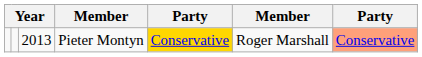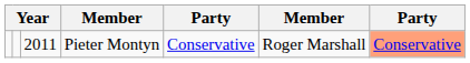 <table class="wikitable">
 <tr>
 <th colspan="3">Year</th>
 <th>Member</th>
 <th>Party</th>
 <th>Member</th>
 <th>Party</th>
 </tr>
 <tr>
 <td style="background-color: "></td>
 <td style="background-color: "></td>
-<td>2013</td>
+<td>2011</td>
 <td>Pieter Montyn</td>
-<td style="background: gold;"><a href='#'>Conservative</a></td>
+<td><a href='#'>Conservative</a></td>
 <td>Roger Marshall</td>
 <td style="background: lightsalmon;"><a href='#'>Conservative</a></td>
 </tr>
 </table>
